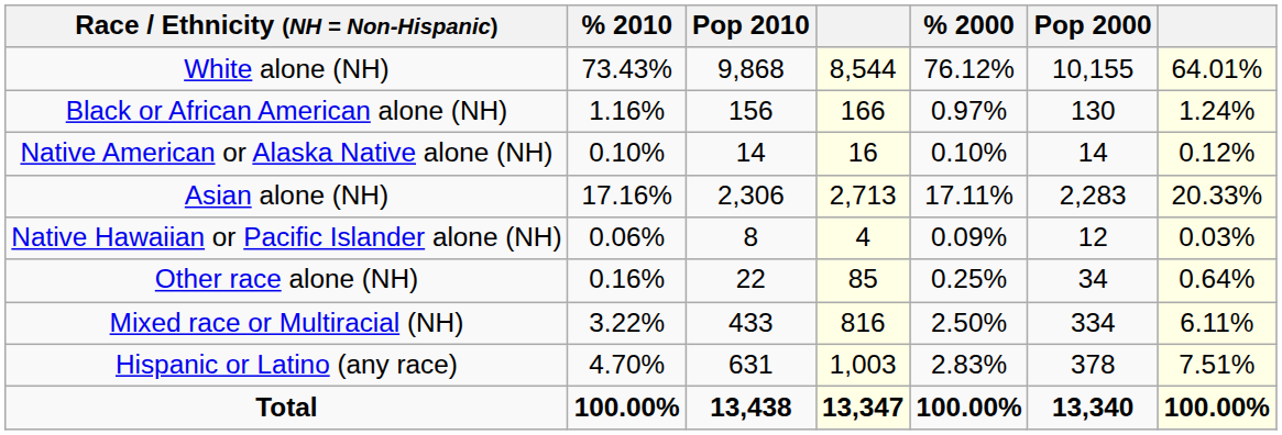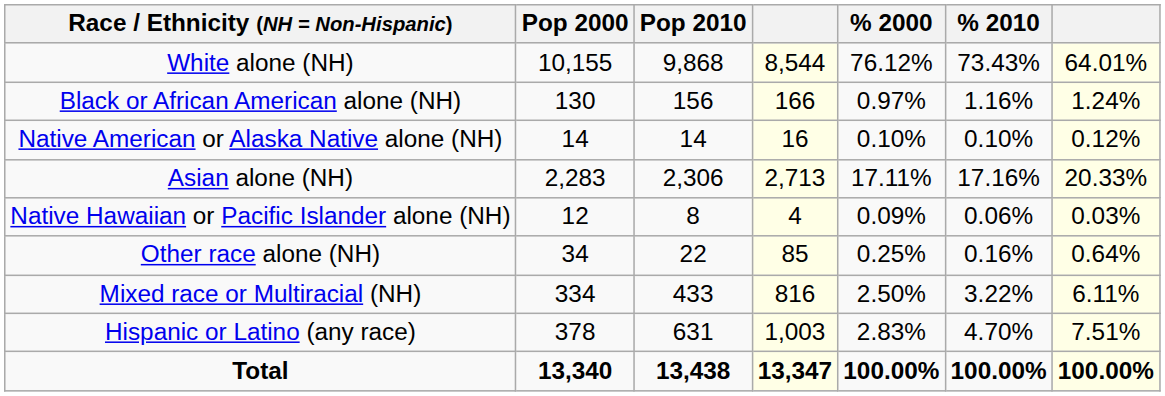 <table class="wikitable" style="text-align:center;">
 <tr>
 <th>Race / Ethnicity <small>(<em>NH = Non-Hispanic</em>)</small></th>
-<th>% 2010</th>
+<th>Pop 2000</th>
 <th>Pop 2010</th>
 <th></th>
 <th>% 2000</th>
-<th>Pop 2000</th>
+<th>% 2010</th>
 <th></th>
 </tr>
 <tr>
 <td><a href='#'>White</a> alone (NH)</td>
-<td>73.43%</td>
+<td>10,155</td>
 <td>9,868</td>
 <td style='background: #ffffe6;'>8,544</td>
 <td>76.12%</td>
-<td>10,155</td>
+<td>73.43%</td>
 <td style='background: #ffffe6;'>64.01%</td>
 </tr>
 <tr>
 <td><a href='#'>Black or African American</a> alone (NH)</td>
-<td>1.16%</td>
+<td>130</td>
 <td>156</td>
 <td style='background: #ffffe6;'>166</td>
 <td>0.97%</td>
-<td>130</td>
+<td>1.16%</td>
 <td style='background: #ffffe6;'>1.24%</td>
 </tr>
 <tr>
 <td><a href='#'>Native American</a> or <a href='#'>Alaska Native</a> alone (NH)</td>
-<td>0.10%</td>
+<td>14</td>
 <td>14</td>
 <td style='background: #ffffe6;'>16</td>
 <td>0.10%</td>
-<td>14</td>
+<td>0.10%</td>
 <td style='background: #ffffe6;'>0.12%</td>
 </tr>
 <tr>
 <td><a href='#'>Asian</a> alone (NH)</td>
-<td>17.16%</td>
+<td>2,283</td>
 <td>2,306</td>
 <td style='background: #ffffe6;'>2,713</td>
 <td>17.11%</td>
-<td>2,283</td>
+<td>17.16%</td>
 <td style='background: #ffffe6;'>20.33%</td>
 </tr>
 <tr>
 <td><a href='#'>Native Hawaiian</a> or <a href='#'>Pacific Islander</a> alone (NH)</td>
-<td>0.06%</td>
+<td>12</td>
 <td>8</td>
 <td style='background: #ffffe6;'>4</td>
 <td>0.09%</td>
-<td>12</td>
+<td>0.06%</td>
 <td style='background: #ffffe6;'>0.03%</td>
 </tr>
 <tr>
 <td><a href='#'>Other race</a> alone (NH)</td>
-<td>0.16%</td>
+<td>34</td>
 <td>22</td>
 <td style='background: #ffffe6;'>85</td>
 <td>0.25%</td>
-<td>34</td>
+<td>0.16%</td>
 <td style='background: #ffffe6;'>0.64%</td>
 </tr>
 <tr>
 <td><a href='#'>Mixed race or Multiracial</a> (NH)</td>
-<td>3.22%</td>
+<td>334</td>
 <td>433</td>
 <td style='background: #ffffe6;'>816</td>
 <td>2.50%</td>
-<td>334</td>
+<td>3.22%</td>
 <td style='background: #ffffe6;'>6.11%</td>
 </tr>
 <tr>
 <td><a href='#'>Hispanic or Latino</a> (any race)</td>
-<td>4.70%</td>
+<td>378</td>
 <td>631</td>
 <td style='background: #ffffe6;'>1,003</td>
 <td>2.83%</td>
-<td>378</td>
+<td>4.70%</td>
 <td style='background: #ffffe6;'>7.51%</td>
 </tr>
 <tr>
 <td><strong>Total</strong></td>
-<td><strong>100.00%</strong></td>
+<td><strong>13,340</strong></td>
 <td><strong>13,438</strong></td>
 <td style='background: #ffffe6;'><strong>13,347</strong></td>
 <td><strong>100.00%</strong></td>
-<td><strong>13,340</strong></td>
+<td><strong>100.00%</strong></td>
 <td style='background: #ffffe6;'><strong>100.00%</strong></td>
 </tr>
 </table>
